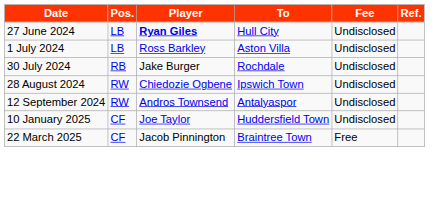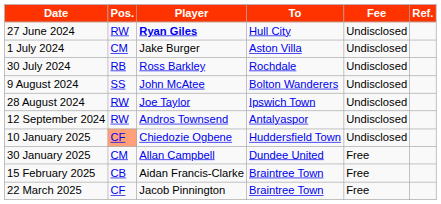 <table class="wikitable plainrowheaders sortable">
 <tr>
 <th style="background-color:#FF3300; color:white; ">Date</th>
 <th style="background-color:#FF3300; color:white; ">Pos.</th>
 <th style="background-color:#FF3300; color:white; ">Player</th>
 <th style="background-color:#FF3300; color:white; ">To</th>
 <th style="background-color:#FF3300; color:white; ">Fee</th>
 <th style="background-color:#FF3300; color:white; ">Ref.</th>
 </tr>
 <tr>
 <td>27 June 2024</td>
-<td><a href='#'>LB</a></td>
+<td><a href='#'>RW</a></td>
 <td><strong> <a href='#'>Ryan Giles</a></strong></td>
 <td> <a href='#'>Hull City</a></td>
 <td>Undisclosed</td>
 <td></td>
 </tr>
 <tr>
 <td>1 July 2024</td>
-<td><a href='#'>LB</a></td>
-<td> <a href='#'>Ross Barkley</a></td>
+<td><a href='#'>CM</a></td>
+<td> Jake Burger</td>
 <td> <a href='#'>Aston Villa</a></td>
 <td>Undisclosed</td>
 <td></td>
 </tr>
 <tr>
 <td>30 July 2024</td>
 <td><a href='#'>RB</a></td>
-<td> Jake Burger</td>
+<td> <a href='#'>Ross Barkley</a></td>
 <td> <a href='#'>Rochdale</a></td>
+<td>Undisclosed</td>
+<td></td>
+</tr>
+<tr>
+<td>9 August 2024</td>
+<td><a href='#'>SS</a></td>
+<td> <a href='#'>John McAtee</a></td>
+<td> <a href='#'>Bolton Wanderers</a></td>
 <td>Undisclosed</td>
 <td></td>
 </tr>
 <tr>
 <td>28 August 2024</td>
 <td><a href='#'>RW</a></td>
-<td> <a href='#'>Chiedozie Ogbene</a></td>
+<td> <a href='#'>Joe Taylor</a></td>
 <td> <a href='#'>Ipswich Town</a></td>
 <td>Undisclosed</td>
 <td></td>
 </tr>
 <tr>
 <td>12 September 2024</td>
 <td><a href='#'>RW</a></td>
 <td> <a href='#'>Andros Townsend</a></td>
 <td> <a href='#'>Antalyaspor</a></td>
 <td>Undisclosed</td>
 <td></td>
 </tr>
 <tr>
 <td>10 January 2025</td>
-<td><a href='#'>CF</a></td>
-<td> <a href='#'>Joe Taylor</a></td>
+<td style="background: lightsalmon;"><a href='#'>CF</a></td>
+<td> <a href='#'>Chiedozie Ogbene</a></td>
 <td> <a href='#'>Huddersfield Town</a></td>
 <td>Undisclosed</td>
+<td></td>
+</tr>
+<tr>
+<td>30 January 2025</td>
+<td><a href='#'>CM</a></td>
+<td> <a href='#'>Allan Campbell</a></td>
+<td> <a href='#'>Dundee United</a></td>
+<td>Free</td>
+<td></td>
+</tr>
+<tr>
+<td>15 February 2025</td>
+<td><a href='#'>CB</a></td>
+<td> Aidan Francis-Clarke</td>
+<td> <a href='#'>Braintree Town</a></td>
+<td>Free</td>
 <td></td>
 </tr>
 <tr>
 <td>22 March 2025</td>
 <td><a href='#'>CF</a></td>
 <td> Jacob Pinnington</td>
 <td> <a href='#'>Braintree Town</a></td>
 <td>Free</td>
 <td></td>
 </tr>
 </table>
